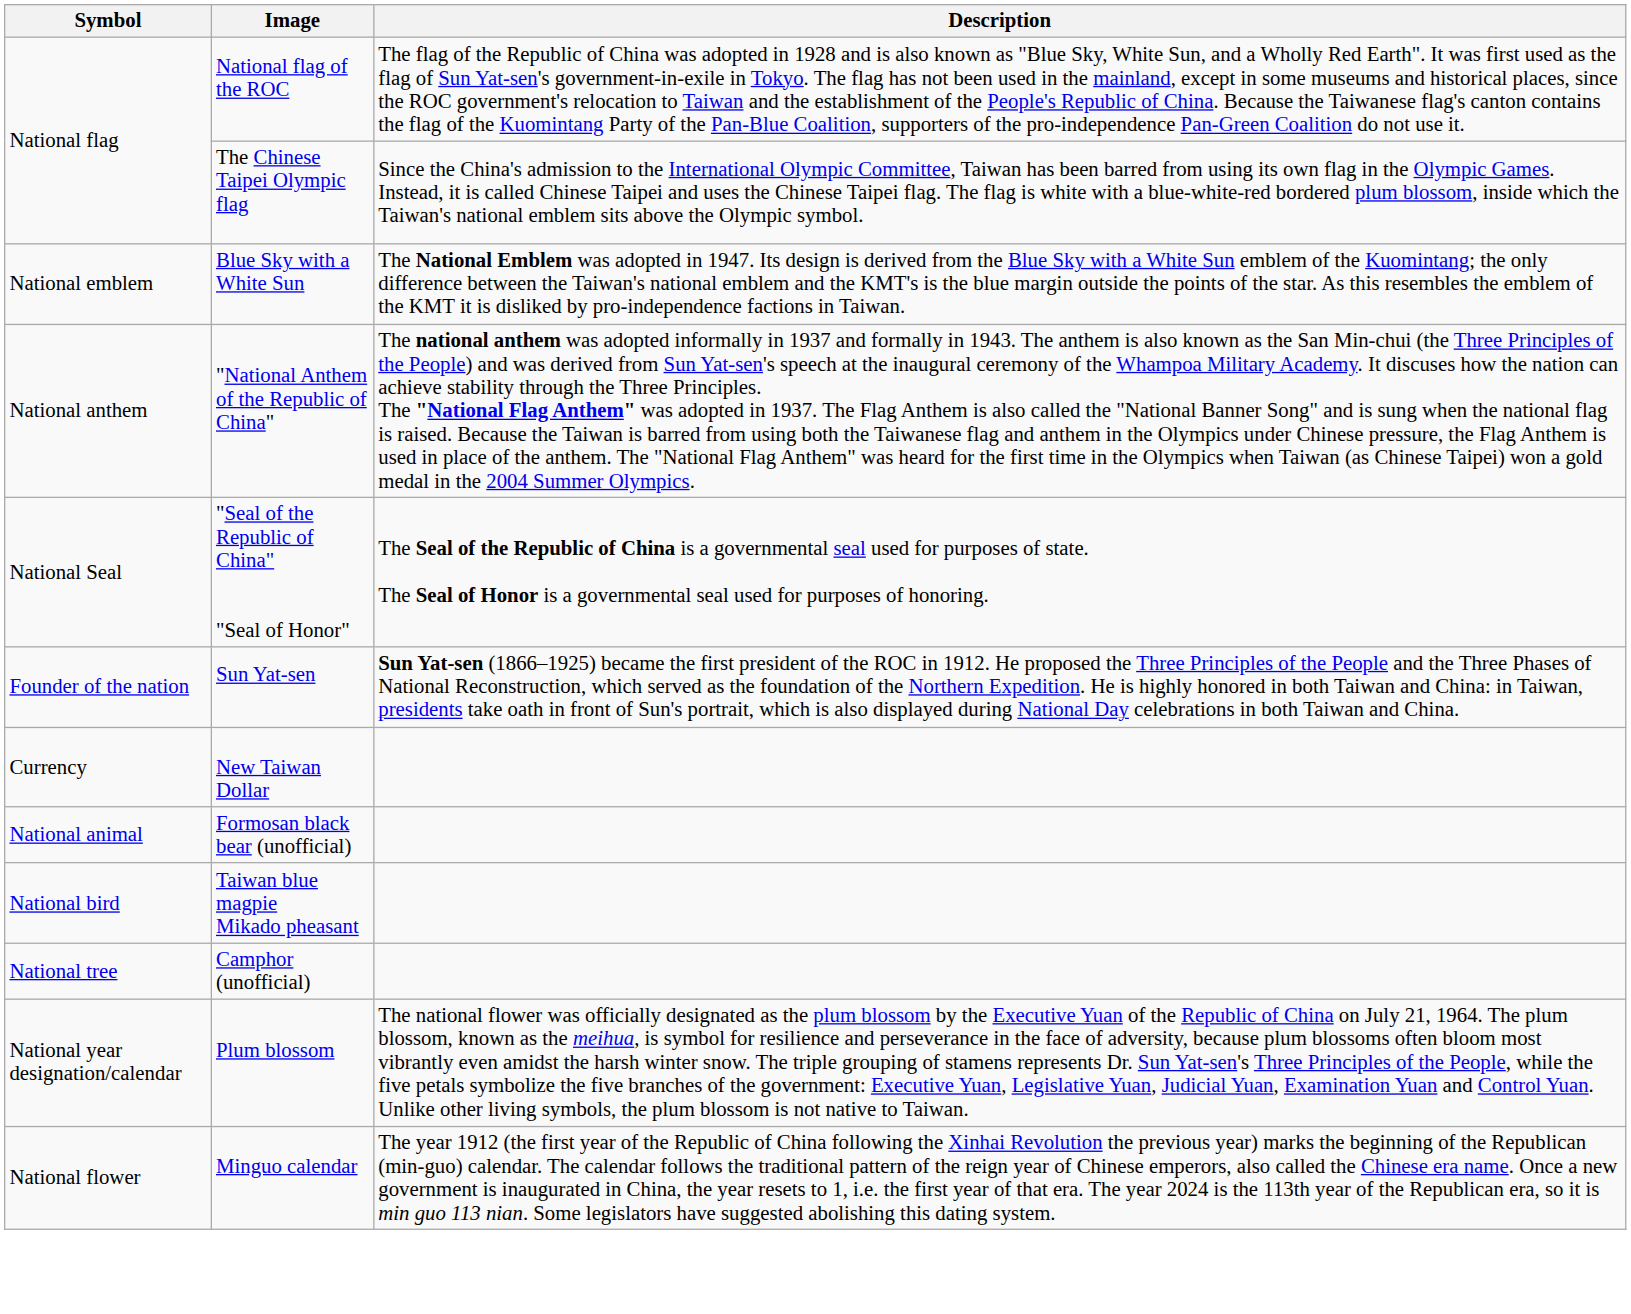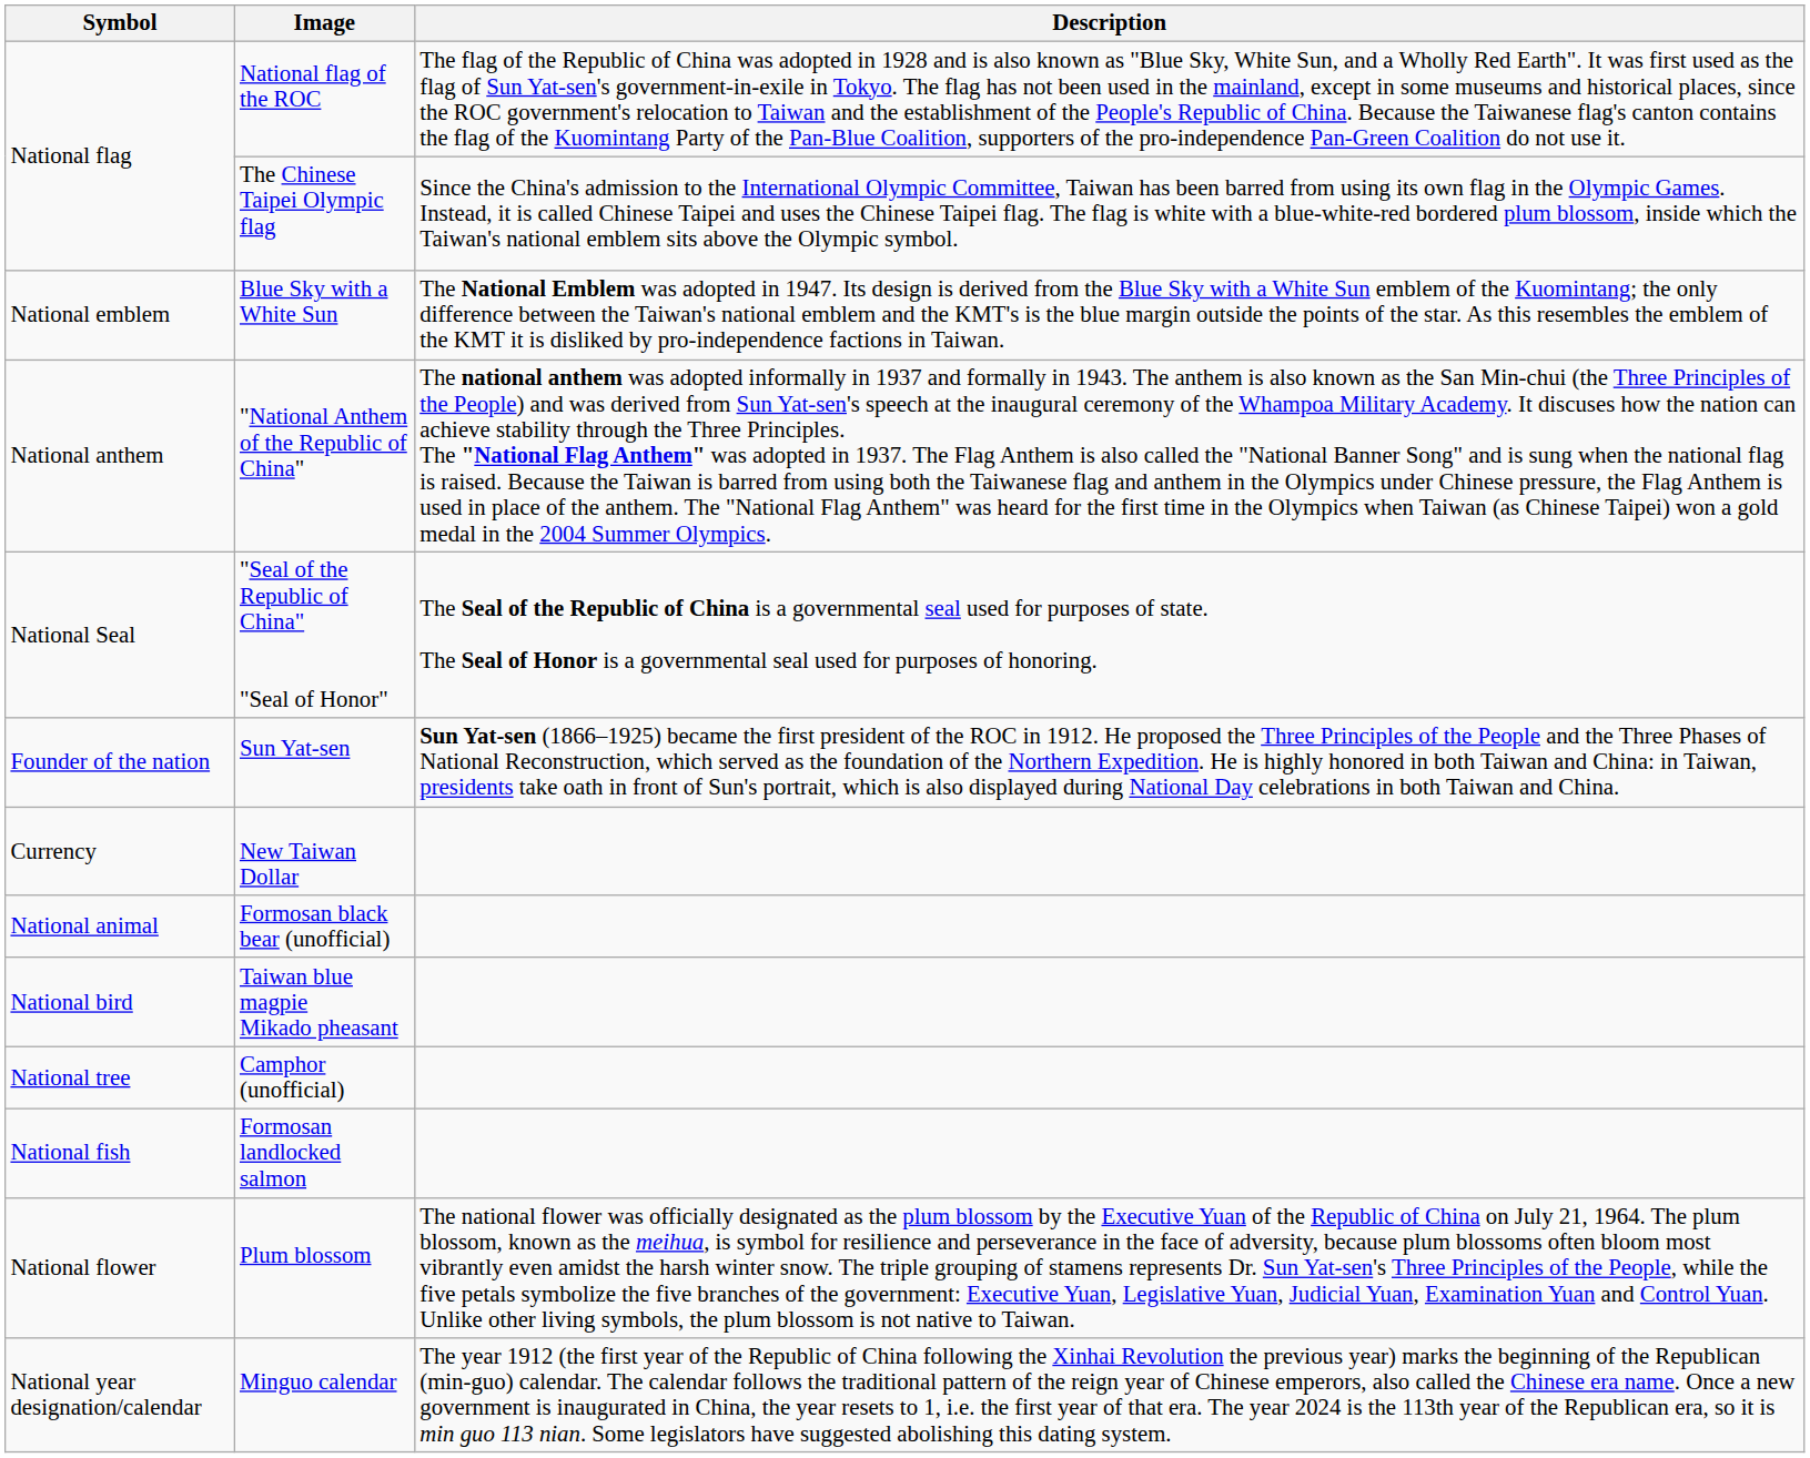 <table class="wikitable">
 <tr>
 <th>Symbol</th>
 <th>Image</th>
 <th>Description</th>
 </tr>
 <tr>
 <td rowspan="2">National flag</td>
 <td><a href='#'>National flag of the ROC</a><br><br></td>
 <td>The flag of the Republic of China was adopted in 1928 and is also known as "Blue Sky, White Sun, and a Wholly Red Earth". It was first used as the flag of <a href='#'>Sun Yat-sen</a>'s government-in-exile in <a href='#'>Tokyo</a>. The flag has not been used in the <a href='#'>mainland</a>, except in some museums and historical places, since the ROC government's relocation to <a href='#'>Taiwan</a> and the establishment of the <a href='#'>People's Republic of China</a>. Because the Taiwanese flag's canton contains the flag of the <a href='#'>Kuomintang</a> Party of the <a href='#'>Pan-Blue Coalition</a>, supporters of the pro-independence <a href='#'>Pan-Green Coalition</a> do not use it.</td>
 </tr>
 <tr>
 <td>The <a href='#'>Chinese Taipei Olympic flag</a><br><br></td>
 <td>Since the China's admission to the <a href='#'>International Olympic Committee</a>, Taiwan has been barred from using its own flag in the <a href='#'>Olympic Games</a>. Instead, it is called Chinese Taipei and uses the Chinese Taipei flag. The flag is white with a blue-white-red bordered <a href='#'>plum blossom</a>, inside which the Taiwan's national emblem sits above the Olympic symbol.</td>
 </tr>
 <tr>
 <td>National emblem</td>
 <td><a href='#'>Blue Sky with a White Sun</a><br><br></td>
 <td>The <strong>National Emblem</strong> was adopted in 1947. Its design is derived from the <a href='#'>Blue Sky with a White Sun</a> emblem of the <a href='#'>Kuomintang</a>; the only difference between the Taiwan's national emblem and the KMT's is the blue margin outside the points of the star. As this resembles the emblem of the KMT it is disliked by pro-independence factions in Taiwan.</td>
 </tr>
 <tr>
 <td>National anthem</td>
 <td>"<a href='#'>National Anthem of the Republic of China</a>"<br><br></td>
 <td>The <strong>national anthem</strong> was adopted informally in 1937 and formally in 1943. The anthem is also known as the San Min-chui (the <a href='#'>Three Principles of the People</a>) and was derived from <a href='#'>Sun Yat-sen</a>'s speech at the inaugural ceremony of the <a href='#'>Whampoa Military Academy</a>. It discuses how the nation can achieve stability through the Three Principles.<br>The <strong>"<a href='#'>National Flag Anthem</a>"</strong> was adopted in 1937. The Flag Anthem is also called the "National Banner Song" and is sung when the national flag is raised. Because the Taiwan is barred from using both the Taiwanese flag and anthem in the Olympics under Chinese pressure, the Flag Anthem is used in place of the anthem. The "National Flag Anthem" was heard for the first time in the Olympics when Taiwan (as Chinese Taipei) won a gold medal in the <a href='#'>2004 Summer Olympics</a>.</td>
 </tr>
 <tr>
 <td>National Seal</td>
 <td>"<a href='#'>Seal of the Republic of China"</a><br><br><br> "Seal of Honor"<br> </td>
 <td>The <strong>Seal of the Republic of China</strong> is a governmental <a href='#'>seal</a> used for purposes of state.<br><br>The <strong>Seal of Honor</strong> is a governmental seal used for purposes of honoring.</td>
 </tr>
 <tr>
 <td><a href='#'>Founder of the nation</a></td>
 <td><a href='#'>Sun Yat-sen</a><br><br></td>
 <td><strong>Sun Yat-sen</strong> (1866–1925) became the first president of the ROC in 1912. He proposed the <a href='#'>Three Principles of the People</a> and the Three Phases of National Reconstruction, which served as the foundation of the <a href='#'>Northern Expedition</a>. He is highly honored in both Taiwan and China: in Taiwan, <a href='#'>presidents</a> take oath in front of Sun's portrait, which is also displayed during <a href='#'>National Day</a> celebrations in both Taiwan and China.</td>
 </tr>
 <tr>
 <td>Currency</td>
 <td><br> <a href='#'>New Taiwan Dollar</a></td>
 <td></td>
 </tr>
 <tr>
 <td><a href='#'>National animal</a></td>
 <td><a href='#'>Formosan black bear</a> (unofficial)<br></td>
 <td></td>
 </tr>
 <tr>
 <td><a href='#'>National bird</a></td>
 <td><a href='#'>Taiwan blue magpie</a><br><a href='#'>Mikado pheasant</a></td>
 <td></td>
 </tr>
 <tr>
 <td><a href='#'>National tree</a></td>
 <td><a href='#'>Camphor</a> (unofficial)<br></td>
 <td></td>
 </tr>
 <tr>
-<td>National year designation/calendar</td>
+<td><a href='#'>National fish</a></td>
+<td><a href='#'>Formosan landlocked salmon</a></td>
+<td></td>
+</tr>
+<tr>
+<td>National flower</td>
 <td><a href='#'>Plum blossom</a><br><br></td>
 <td>The national flower was officially designated as the <a href='#'>plum blossom</a> by the <a href='#'>Executive Yuan</a> of the <a href='#'>Republic of China</a> on July 21, 1964. The plum blossom, known as the <em><a href='#'>meihua</a></em>, is symbol for resilience and perseverance in the face of adversity, because plum blossoms often bloom most vibrantly even amidst the harsh winter snow. The triple grouping of stamens represents Dr. <a href='#'>Sun Yat-sen</a>'s <a href='#'>Three Principles of the People</a>, while the five petals symbolize the five branches of the government: <a href='#'>Executive Yuan</a>, <a href='#'>Legislative Yuan</a>, <a href='#'>Judicial Yuan</a>, <a href='#'>Examination Yuan</a> and <a href='#'>Control Yuan</a>. Unlike other living symbols, the plum blossom is not native to Taiwan.</td>
 </tr>
 <tr>
-<td>National flower</td>
+<td>National year designation/calendar</td>
 <td><a href='#'>Minguo calendar</a><br><br></td>
 <td>The year 1912 (the first year of the Republic of China following the <a href='#'>Xinhai Revolution</a> the previous year) marks the beginning of the Republican (min-guo) calendar. The calendar follows the traditional pattern of the reign year of Chinese emperors, also called the <a href='#'>Chinese era name</a>. Once a new government is inaugurated in China, the year resets to 1, i.e. the first year of that era. The year 2024 is the 113th year of the Republican era, so it is <em>min guo 113 nian</em>. Some legislators have suggested abolishing this dating system.</td>
 </tr>
 </table>
